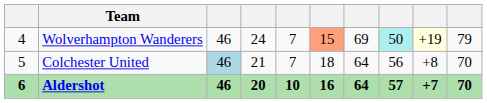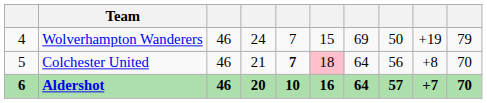 <table class="wikitable" style="text-align:center">
 <tr>
 <th width="30"></th>
 <th width="175">Team</th>
 <th width="30"></th>
 <th width="30"></th>
 <th width="30"></th>
 <th width="30"></th>
 <th width="30"></th>
 <th width="30"></th>
 <th width="30"></th>
 <th width="30"></th>
 </tr>
 <tr>
 <td>4</td>
 <td align=left><a href='#'>Wolverhampton Wanderers</a></td>
 <td>46</td>
 <td>24</td>
 <td>7</td>
-<td style="background: lightsalmon;">15</td>
+<td>15</td>
 <td>69</td>
-<td style="background: paleturquoise;">50</td>
-<td style="background: lightyellow;">+19</td>
+<td>50</td>
+<td>+19</td>
 <td>79</td>
 </tr>
 <tr>
 <td>5</td>
 <td align=left><a href='#'>Colchester United</a></td>
-<td style="background: lightblue;">46</td>
+<td>46</td>
 <td>21</td>
-<td>7</td>
-<td>18</td>
+<td><strong>7</strong></td>
+<td style="background: pink;">18</td>
 <td>64</td>
 <td>56</td>
 <td>+8</td>
 <td>70</td>
 </tr>
 <tr bgcolor=#ADDFAD>
 <td><strong>6</strong></td>
 <td align=left><strong><a href='#'>Aldershot</a></strong></td>
 <td><strong>46</strong></td>
 <td><strong>20</strong></td>
 <td><strong>10</strong></td>
 <td><strong>16</strong></td>
 <td><strong>64</strong></td>
 <td><strong>57</strong></td>
 <td><strong>+7</strong></td>
 <td><strong>70</strong></td>
 </tr>
 </table>
